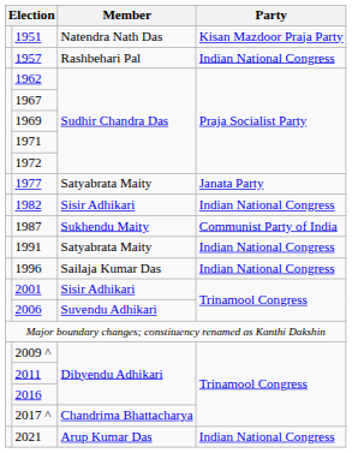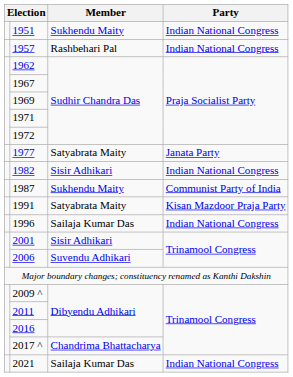 <table class="wikitable sortable">
 <tr>
 <th colspan="2">Election</th>
 <th>Member</th>
 <th>Party</th>
 </tr>
 <tr>
 <td style="background-color: "></td>
 <td><a href='#'>1951</a></td>
-<td>Natendra Nath Das</td>
-<td><a href='#'>Kisan Mazdoor Praja Party</a></td>
+<td><a href='#'>Sukhendu Maity</a></td>
+<td><a href='#'>Indian National Congress</a></td>
 </tr>
 <tr>
 <td style="background-color: "></td>
 <td><a href='#'>1957</a></td>
 <td>Rashbehari Pal</td>
 <td><a href='#'>Indian National Congress</a></td>
 </tr>
 <tr>
 <td rowspan="5" style="background-color: "></td>
 <td><a href='#'>1962</a></td>
 <td rowspan="5"><a href='#'>Sudhir Chandra Das</a></td>
 <td rowspan="5"><a href='#'>Praja Socialist Party</a></td>
 </tr>
 <tr>
 <td>1967</td>
 </tr>
 <tr>
 <td>1969</td>
 </tr>
 <tr>
 <td>1971</td>
 </tr>
 <tr>
 <td>1972</td>
 </tr>
 <tr>
 <td style="background-color: "></td>
 <td><a href='#'>1977</a></td>
 <td>Satyabrata Maity</td>
 <td><a href='#'>Janata Party</a></td>
 </tr>
 <tr>
 <td style="background-color: "></td>
 <td><a href='#'>1982</a></td>
 <td><a href='#'>Sisir Adhikari</a></td>
 <td><a href='#'>Indian National Congress</a></td>
 </tr>
 <tr>
 <td style="background-color: "></td>
 <td>1987</td>
 <td><a href='#'>Sukhendu Maity</a></td>
 <td><a href='#'>Communist Party of India</a></td>
 </tr>
 <tr>
 <td style="background-color: "></td>
 <td>1991</td>
 <td>Satyabrata Maity</td>
-<td><a href='#'>Indian National Congress</a></td>
+<td><a href='#'>Kisan Mazdoor Praja Party</a></td>
 </tr>
 <tr>
 <td style="background-color: "></td>
 <td>1996</td>
 <td>Sailaja Kumar Das</td>
 <td><a href='#'>Indian National Congress</a></td>
 </tr>
 <tr>
 <td rowspan="2" style="background-color: "></td>
 <td><a href='#'>2001</a></td>
 <td><a href='#'>Sisir Adhikari</a></td>
 <td rowspan="2"><a href='#'>Trinamool Congress</a></td>
 </tr>
 <tr>
 <td><a href='#'>2006</a></td>
 <td><a href='#'>Suvendu Adhikari</a></td>
 </tr>
 <tr>
 <td colspan=4 align=center><small><em>Major boundary changes; constituency renamed as Kanthi Dakshin</em></small></td>
 </tr>
 <tr>
 <td rowspan="4" style="background-color: "></td>
 <td>2009 ^</td>
 <td rowspan="3"><a href='#'>Dibyendu Adhikari</a></td>
 <td rowspan="4"><a href='#'>Trinamool Congress</a></td>
 </tr>
 <tr>
 <td><a href='#'>2011</a></td>
 </tr>
 <tr>
 <td><a href='#'>2016</a></td>
 </tr>
 <tr>
 <td>2017 ^</td>
 <td><a href='#'>Chandrima Bhattacharya</a></td>
 </tr>
 <tr>
 <td style="background-color: "></td>
 <td>2021</td>
-<td><a href='#'>Arup Kumar Das</a></td>
+<td>Sailaja Kumar Das</td>
 <td><a href='#'>Indian National Congress</a></td>
 </tr>
 </table>
